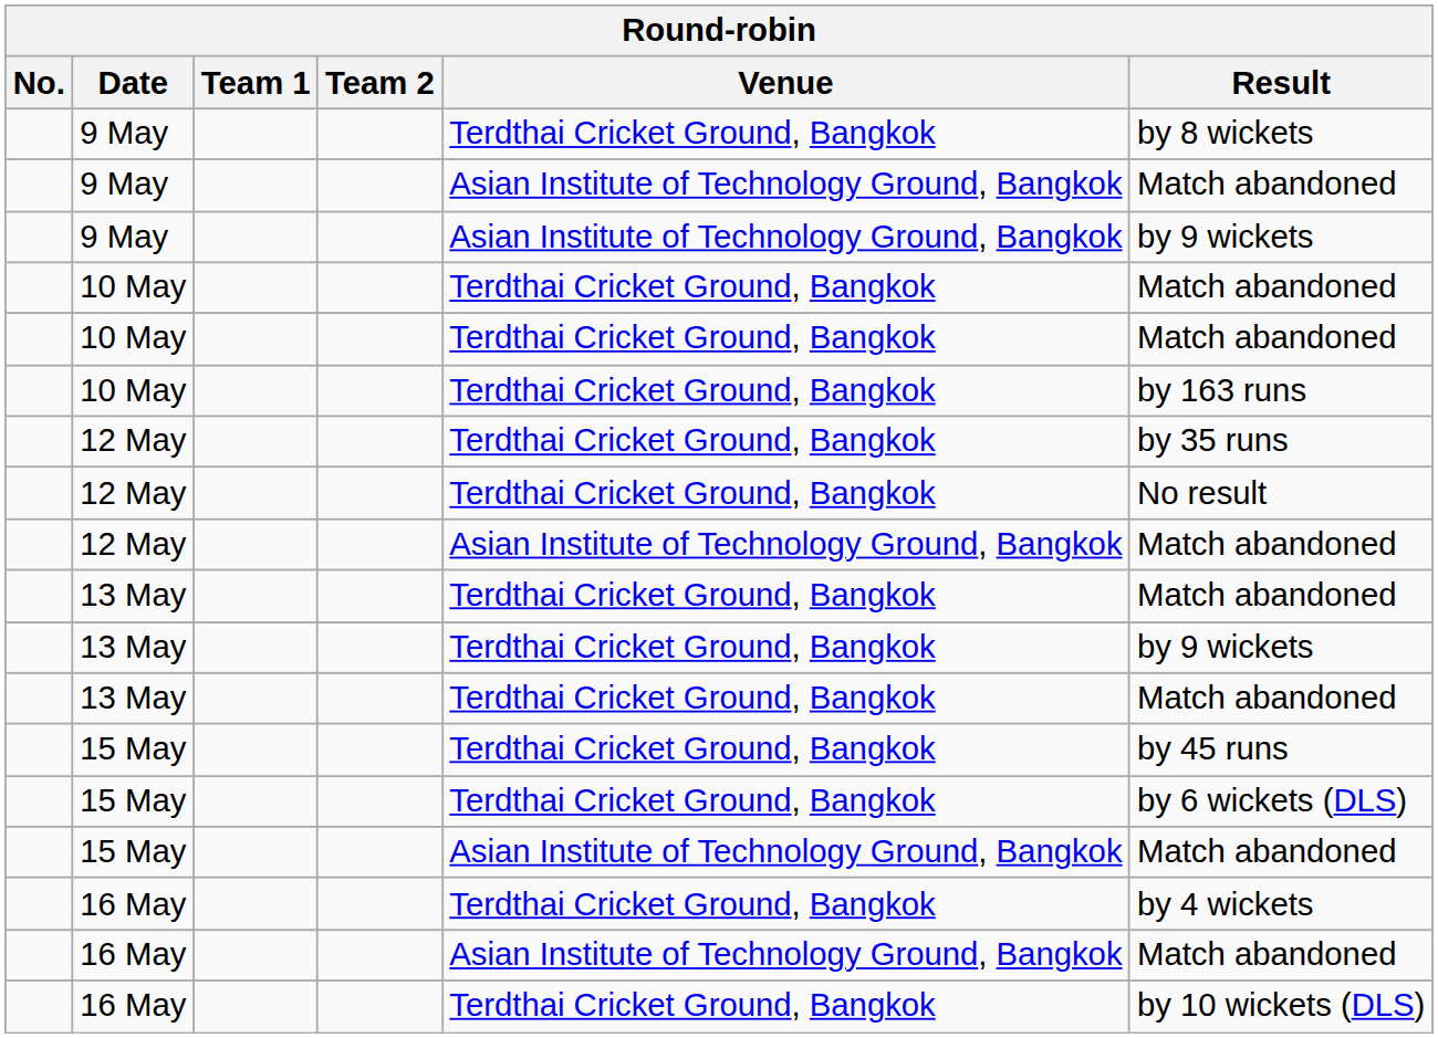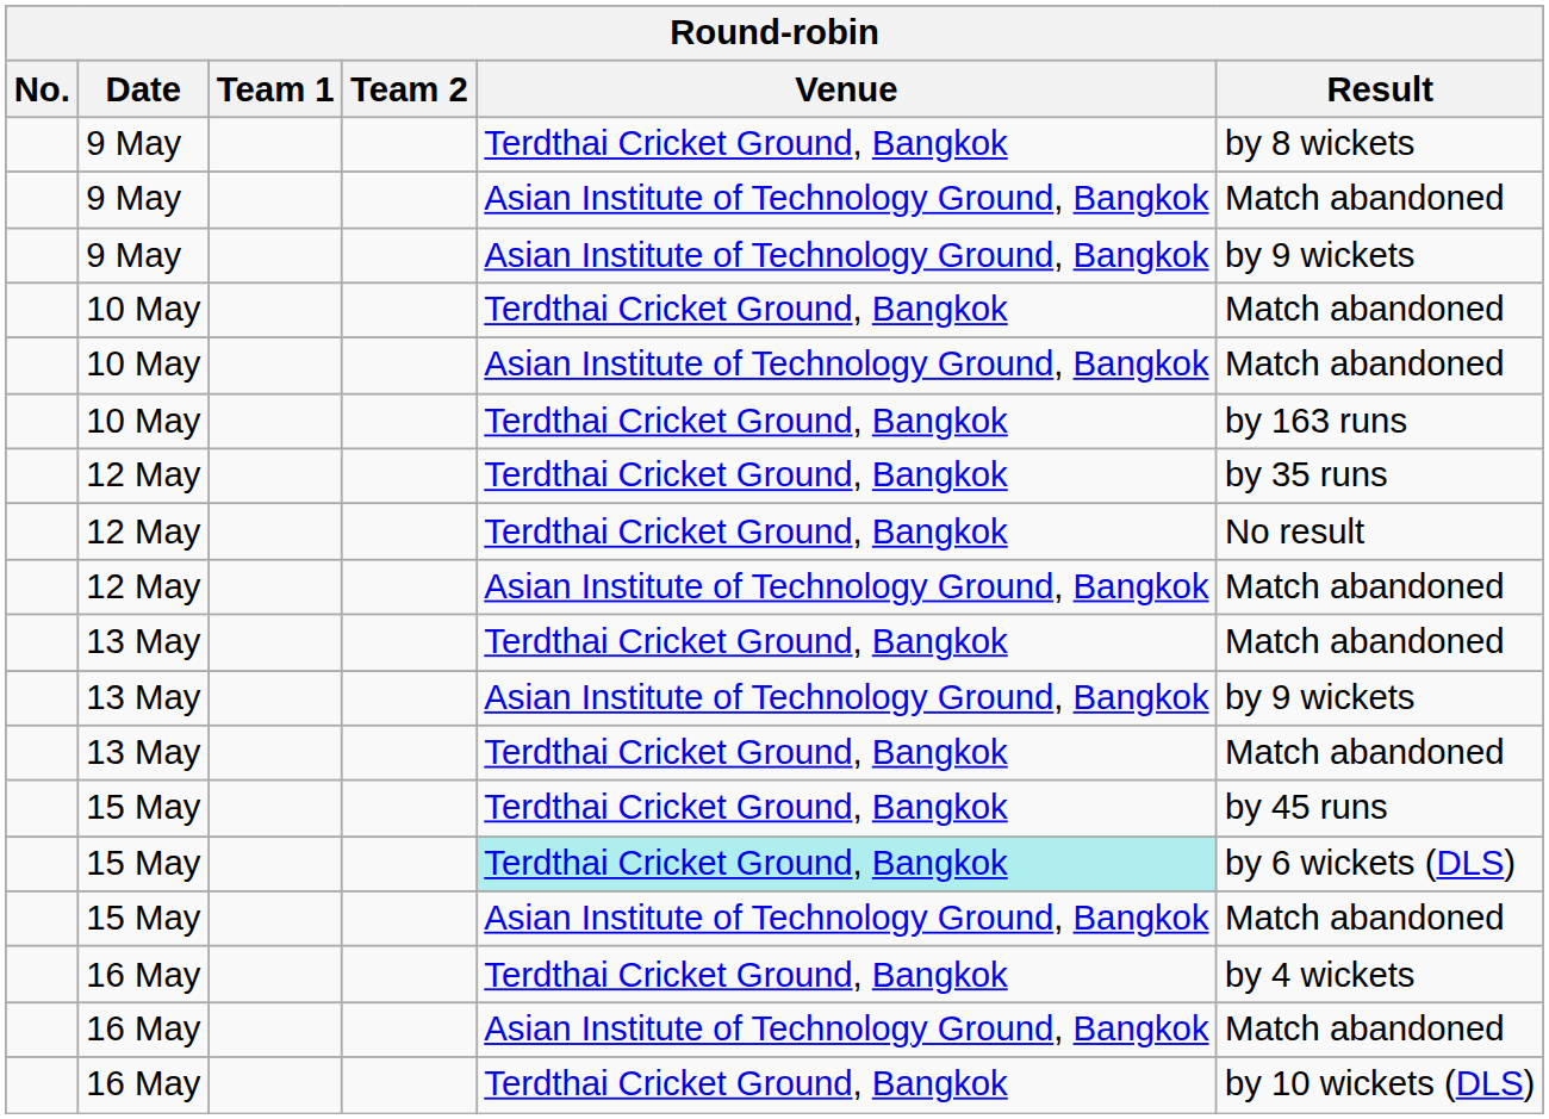 <table class="wikitable">
 <tr>
 <th colspan="6">Round-robin</th>
 </tr>
 <tr>
 <th>No.</th>
 <th>Date</th>
 <th>Team 1</th>
 <th>Team 2</th>
 <th>Venue</th>
 <th>Result</th>
 </tr>
 <tr>
 <td></td>
 <td>9 May</td>
 <td></td>
 <td></td>
 <td><a href='#'>Terdthai Cricket Ground</a>, <a href='#'>Bangkok</a></td>
 <td> by 8 wickets</td>
 </tr>
 <tr>
 <td></td>
 <td>9 May</td>
 <td></td>
 <td></td>
 <td><a href='#'>Asian Institute of Technology Ground</a>, <a href='#'>Bangkok</a></td>
 <td>Match abandoned</td>
 </tr>
 <tr>
 <td></td>
 <td>9 May</td>
 <td></td>
 <td></td>
 <td><a href='#'>Asian Institute of Technology Ground</a>, <a href='#'>Bangkok</a></td>
 <td> by 9 wickets</td>
 </tr>
 <tr>
 <td></td>
 <td>10 May</td>
 <td></td>
 <td></td>
 <td><a href='#'>Terdthai Cricket Ground</a>, <a href='#'>Bangkok</a></td>
 <td>Match abandoned</td>
 </tr>
 <tr>
 <td></td>
 <td>10 May</td>
 <td></td>
 <td></td>
-<td><a href='#'>Terdthai Cricket Ground</a>, <a href='#'>Bangkok</a></td>
+<td><a href='#'>Asian Institute of Technology Ground</a>, <a href='#'>Bangkok</a></td>
 <td>Match abandoned</td>
 </tr>
 <tr>
 <td></td>
 <td>10 May</td>
 <td></td>
 <td></td>
 <td><a href='#'>Terdthai Cricket Ground</a>, <a href='#'>Bangkok</a></td>
 <td> by 163 runs</td>
 </tr>
 <tr>
 <td></td>
 <td>12 May</td>
 <td></td>
 <td></td>
 <td><a href='#'>Terdthai Cricket Ground</a>, <a href='#'>Bangkok</a></td>
 <td> by 35 runs</td>
 </tr>
 <tr>
 <td></td>
 <td>12 May</td>
 <td></td>
 <td></td>
 <td><a href='#'>Terdthai Cricket Ground</a>, <a href='#'>Bangkok</a></td>
 <td>No result</td>
 </tr>
 <tr>
 <td></td>
 <td>12 May</td>
 <td></td>
 <td></td>
 <td><a href='#'>Asian Institute of Technology Ground</a>, <a href='#'>Bangkok</a></td>
 <td>Match abandoned</td>
 </tr>
 <tr>
 <td></td>
 <td>13 May</td>
 <td></td>
 <td></td>
 <td><a href='#'>Terdthai Cricket Ground</a>, <a href='#'>Bangkok</a></td>
 <td>Match abandoned</td>
 </tr>
 <tr>
 <td></td>
 <td>13 May</td>
 <td></td>
 <td></td>
-<td><a href='#'>Terdthai Cricket Ground</a>, <a href='#'>Bangkok</a></td>
+<td><a href='#'>Asian Institute of Technology Ground</a>, <a href='#'>Bangkok</a></td>
 <td> by 9 wickets</td>
 </tr>
 <tr>
 <td></td>
 <td>13 May</td>
 <td></td>
 <td></td>
 <td><a href='#'>Terdthai Cricket Ground</a>, <a href='#'>Bangkok</a></td>
 <td>Match abandoned</td>
 </tr>
 <tr>
 <td></td>
 <td>15 May</td>
 <td></td>
 <td></td>
 <td><a href='#'>Terdthai Cricket Ground</a>, <a href='#'>Bangkok</a></td>
 <td> by 45 runs</td>
 </tr>
 <tr>
 <td></td>
 <td>15 May</td>
 <td></td>
 <td></td>
-<td><a href='#'>Terdthai Cricket Ground</a>, <a href='#'>Bangkok</a></td>
+<td style="background: paleturquoise;"><a href='#'>Terdthai Cricket Ground</a>, <a href='#'>Bangkok</a></td>
 <td> by 6 wickets (<a href='#'>DLS</a>)</td>
 </tr>
 <tr>
 <td></td>
 <td>15 May</td>
 <td></td>
 <td></td>
 <td><a href='#'>Asian Institute of Technology Ground</a>, <a href='#'>Bangkok</a></td>
 <td>Match abandoned</td>
 </tr>
 <tr>
 <td></td>
 <td>16 May</td>
 <td></td>
 <td></td>
 <td><a href='#'>Terdthai Cricket Ground</a>, <a href='#'>Bangkok</a></td>
 <td> by 4 wickets</td>
 </tr>
 <tr>
 <td></td>
 <td>16 May</td>
 <td></td>
 <td></td>
 <td><a href='#'>Asian Institute of Technology Ground</a>, <a href='#'>Bangkok</a></td>
 <td>Match abandoned</td>
 </tr>
 <tr>
 <td></td>
 <td>16 May</td>
 <td></td>
 <td></td>
 <td><a href='#'>Terdthai Cricket Ground</a>, <a href='#'>Bangkok</a></td>
 <td> by 10 wickets (<a href='#'>DLS</a>)</td>
 </tr>
 </table>
